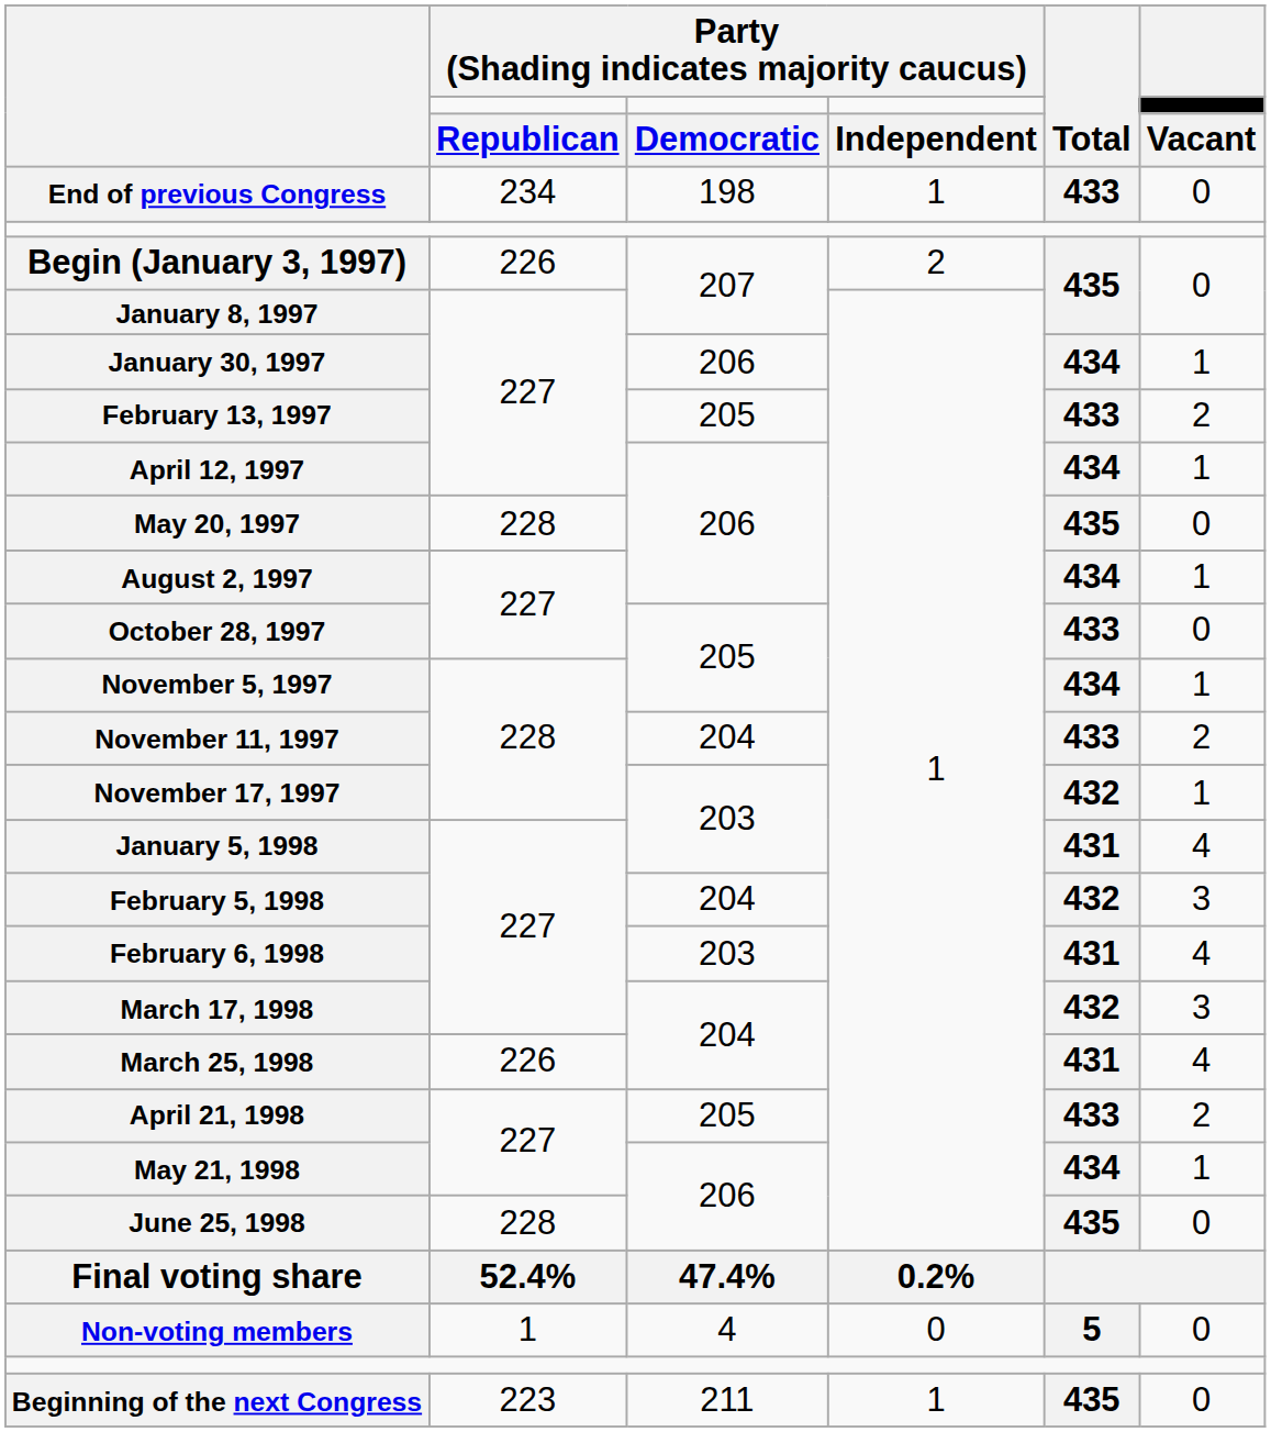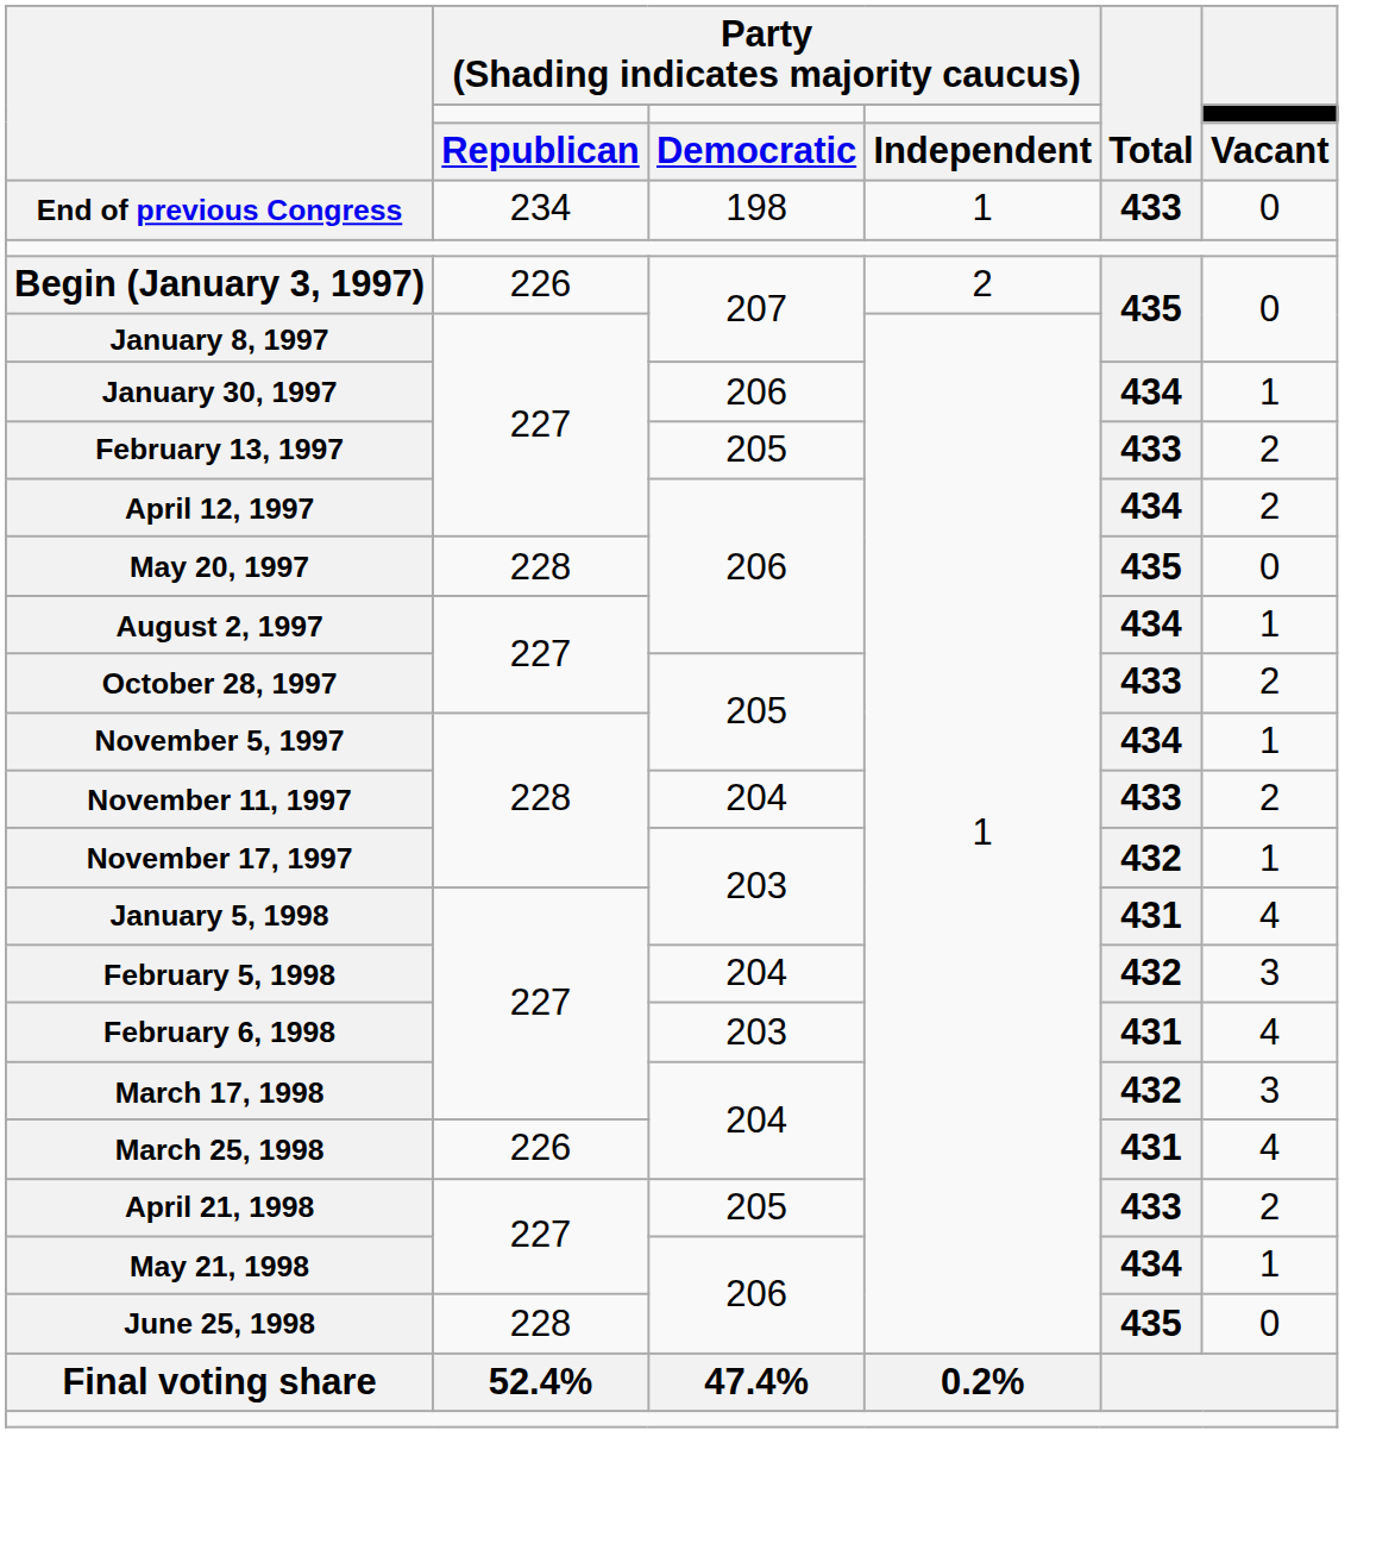 <table class=wikitable style="text-align:center">
 <tr style="vertical-align:bottom;">
 <th rowspan=3></th>
 <th colspan=3>Party <div>(Shading indicates majority caucus)</div></th>
 <th rowspan=3>Total</th>
 <th></th>
 </tr>
 <tr style="height:5px">
 <td style="background-color:"></td>
 <td style="background-color:"></td>
 <td style="background-color:"></td>
 <td style="background-color:black"></td>
 </tr>
 <tr>
 <th><a href='#'>Republican</a></th>
 <th><a href='#'>Democratic</a></th>
 <th>Independent</th>
 <th>Vacant</th>
 </tr>
 <tr>
 <th nowrap style="font-size:80%">End of <a href='#'>previous Congress</a></th>
 <td>234</td>
 <td>198</td>
 <td>1</td>
 <th>433</th>
 <td>0</td>
 </tr>
 <tr>
 <td colspan=6></td>
 </tr>
 <tr>
 <th>Begin (January 3, 1997)</th>
 <td>226</td>
 <td rowspan=2>207</td>
 <td>2</td>
 <th rowspan=2>435</th>
 <td rowspan=2>0</td>
 </tr>
 <tr>
 <th style="font-size:80%">January 8, 1997</th>
 <td rowspan=4 >227</td>
 <td rowspan=18>1</td>
 </tr>
 <tr>
 <th style="font-size:80%">January 30, 1997</th>
 <td>206</td>
 <th>434</th>
 <td>1</td>
 </tr>
 <tr>
 <th style="font-size:80%">February 13, 1997</th>
 <td>205</td>
 <th>433</th>
 <td>2</td>
 </tr>
 <tr>
 <th style="font-size:80%">April 12, 1997</th>
 <td rowspan=3>206</td>
 <th>434</th>
-<td>1</td>
+<td>2</td>
 </tr>
 <tr>
 <th style="font-size:80%">May 20, 1997</th>
 <td>228</td>
 <th>435</th>
 <td>0</td>
 </tr>
 <tr>
 <th style="font-size:80%">August 2, 1997</th>
 <td rowspan=2 >227</td>
 <th>434</th>
 <td>1</td>
 </tr>
 <tr>
 <th style="font-size:80%">October 28, 1997</th>
 <td rowspan=2>205</td>
 <th>433</th>
-<td>0</td>
+<td>2</td>
 </tr>
 <tr>
 <th style="font-size:80%">November 5, 1997</th>
 <td rowspan=3 >228</td>
 <th>434</th>
 <td>1</td>
 </tr>
 <tr>
 <th style="font-size:80%">November 11, 1997</th>
 <td>204</td>
 <th>433</th>
 <td>2</td>
 </tr>
 <tr>
 <th style="font-size:80%">November 17, 1997</th>
 <td rowspan=2>203</td>
 <th>432</th>
 <td>1</td>
 </tr>
 <tr>
 <th style="font-size:80%">January 5, 1998</th>
 <td rowspan=4 >227</td>
 <th>431</th>
 <td>4</td>
 </tr>
 <tr>
 <th style="font-size:80%">February 5, 1998</th>
 <td>204</td>
 <th>432</th>
 <td>3</td>
 </tr>
 <tr>
 <th style="font-size:80%">February 6, 1998</th>
 <td>203</td>
 <th>431</th>
 <td>4</td>
 </tr>
 <tr>
 <th style="font-size:80%">March 17, 1998</th>
 <td rowspan=2>204</td>
 <th>432</th>
 <td>3</td>
 </tr>
 <tr>
 <th style="font-size:80%">March 25, 1998</th>
 <td>226</td>
 <th>431</th>
 <td>4</td>
 </tr>
 <tr>
 <th style="font-size:80%">April 21, 1998</th>
 <td rowspan=2 >227</td>
 <td>205</td>
 <th>433</th>
 <td>2</td>
 </tr>
 <tr>
 <th style="font-size:80%">May 21, 1998</th>
 <td rowspan=2>206</td>
 <th>434</th>
 <td>1</td>
 </tr>
 <tr>
 <th style="font-size:80%">June 25, 1998</th>
 <td>228</td>
 <th>435</th>
 <td>0</td>
 </tr>
 <tr>
 <th>Final voting share</th>
 <th>52.4%</th>
 <th>47.4%</th>
 <th>0.2%</th>
 <th colspan=2></th>
 </tr>
 <tr>
-<th nowrap style="font-size:80%"><a href='#'>Non-voting members</a></th>
-<td>1</td>
-<td>4</td>
-<td>0</td>
-<th>5</th>
-<td>0</td>
-</tr>
-<tr>
 <td colspan=6></td>
 </tr>
-<tr>
-<th nowrap style="font-size:80%">Beginning of the <a href='#'>next Congress</a></th>
-<td>223</td>
-<td>211</td>
-<td>1</td>
-<th>435</th>
-<td>0</td>
-</tr>
 </table>
